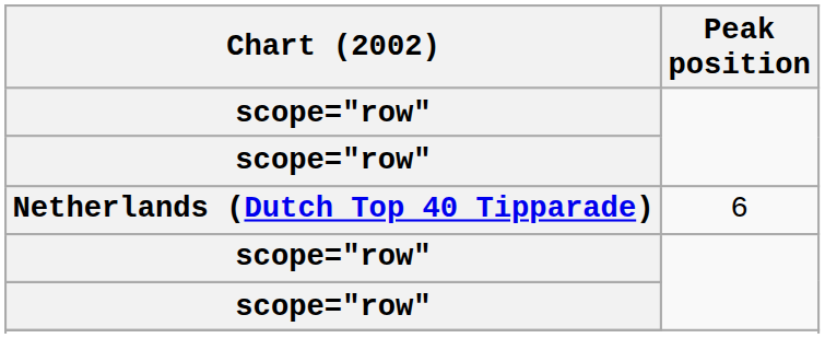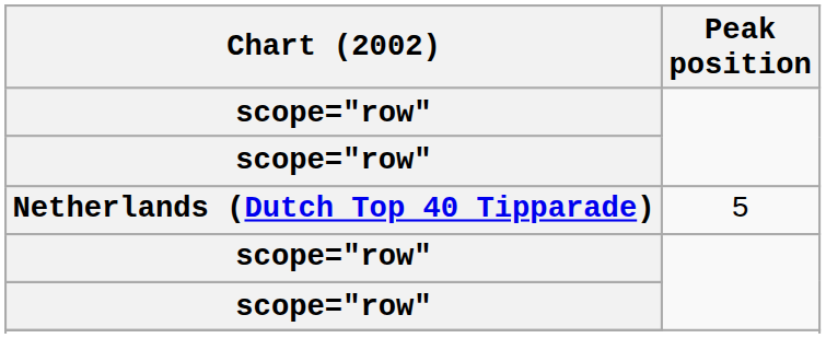 <table class="wikitable sortable plainrowheaders">
 <tr>
 <th>Chart (2002)</th>
 <th>Peak<br>position</th>
 </tr>
 <tr>
 <th>scope="row" </th>
 </tr>
 <tr>
 <th>scope="row" </th>
 </tr>
 <tr>
 <th scope="row">Netherlands (<a href='#'>Dutch Top 40 Tipparade</a>) <br></th>
-<td align="center">6</td>
+<td align="center">5</td>
 </tr>
 <tr>
 <th>scope="row" </th>
 </tr>
 <tr>
 </tr>
 <tr>
 <th>scope="row" </th>
 </tr>
 <tr>
 </tr>
 <tr>
 </tr>
 <tr>
 </tr>
 <tr>
 </tr>
 <tr>
 </tr>
 </table>
